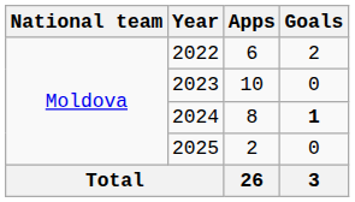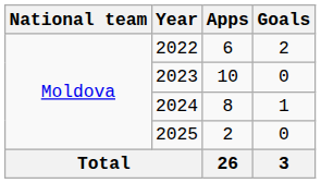 <table class=wikitable style=text-align:center>
 <tr>
 <th>National team</th>
 <th>Year</th>
 <th>Apps</th>
 <th>Goals</th>
 </tr>
 <tr>
 <td rowspan="4"><a href='#'>Moldova</a></td>
 <td>2022</td>
 <td>6</td>
 <td>2</td>
 </tr>
 <tr>
 <td>2023</td>
 <td>10</td>
 <td>0</td>
 </tr>
 <tr>
 <td>2024</td>
 <td>8</td>
-<td><strong>1</strong></td>
+<td>1</td>
 </tr>
 <tr>
 <td>2025</td>
 <td>2</td>
 <td>0</td>
 </tr>
 <tr>
 <th colspan=2>Total</th>
 <th>26</th>
 <th>3</th>
 </tr>
 </table>
